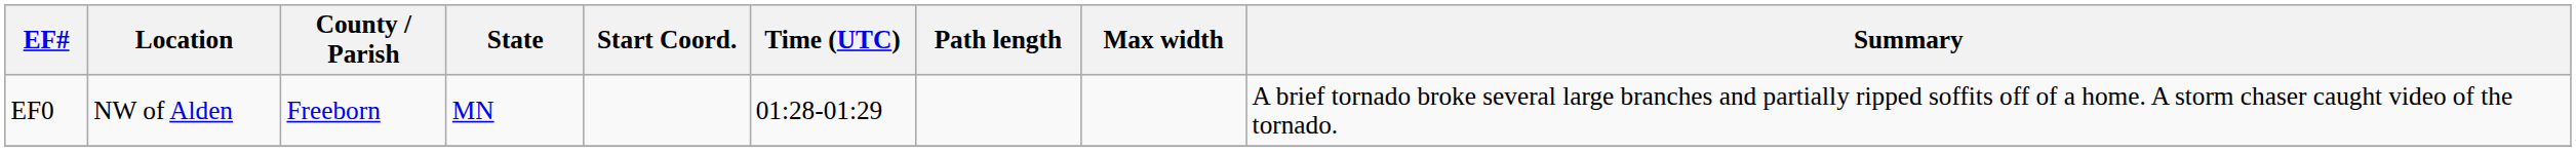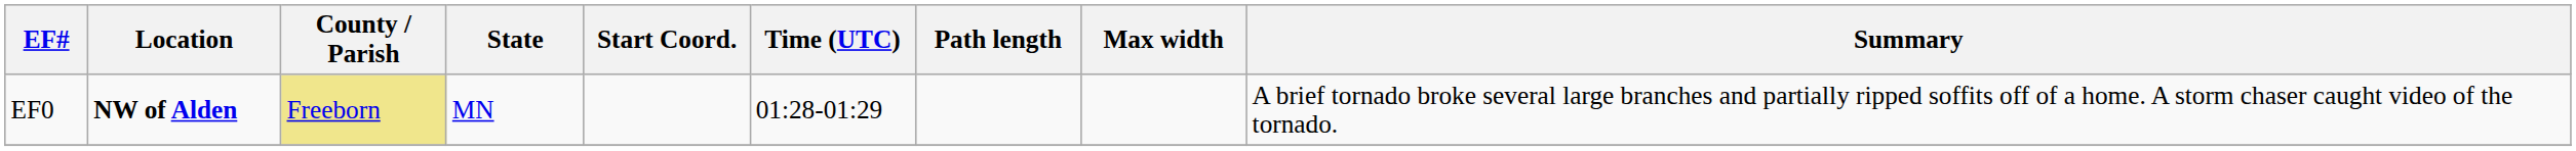 <table class="wikitable sortable" style="width:100%;">
 <tr>
 <th scope="col"  style="width:3%; text-align:center;"><a href='#'>EF#</a></th>
 <th scope="col"  style="width:7%; text-align:center;" class="unsortable">Location</th>
 <th scope="col"  style="width:6%; text-align:center;" class="unsortable">County / Parish</th>
 <th scope="col"  style="width:5%; text-align:center;">State</th>
 <th scope="col"  style="width:6%; text-align:center;">Start Coord.</th>
 <th scope="col"  style="width:6%; text-align:center;">Time (<a href='#'>UTC</a>)</th>
 <th scope="col"  style="width:6%; text-align:center;">Path length</th>
 <th scope="col"  style="width:6%; text-align:center;">Max width</th>
 <th scope="col" class="unsortable" style="width:48%; text-align:center;">Summary</th>
 </tr>
 <tr>
 <td>EF0</td>
-<td>NW of <a href='#'>Alden</a></td>
-<td><a href='#'>Freeborn</a></td>
+<td><strong>NW of <a href='#'>Alden</a></strong></td>
+<td style="background: khaki;"><a href='#'>Freeborn</a></td>
 <td><a href='#'>MN</a></td>
 <td></td>
 <td>01:28-01:29</td>
 <td></td>
 <td></td>
 <td>A brief tornado broke several large branches and partially ripped soffits off of a home. A storm chaser caught video of the tornado.</td>
 </tr>
 <tr>
 </tr>
 </table>
